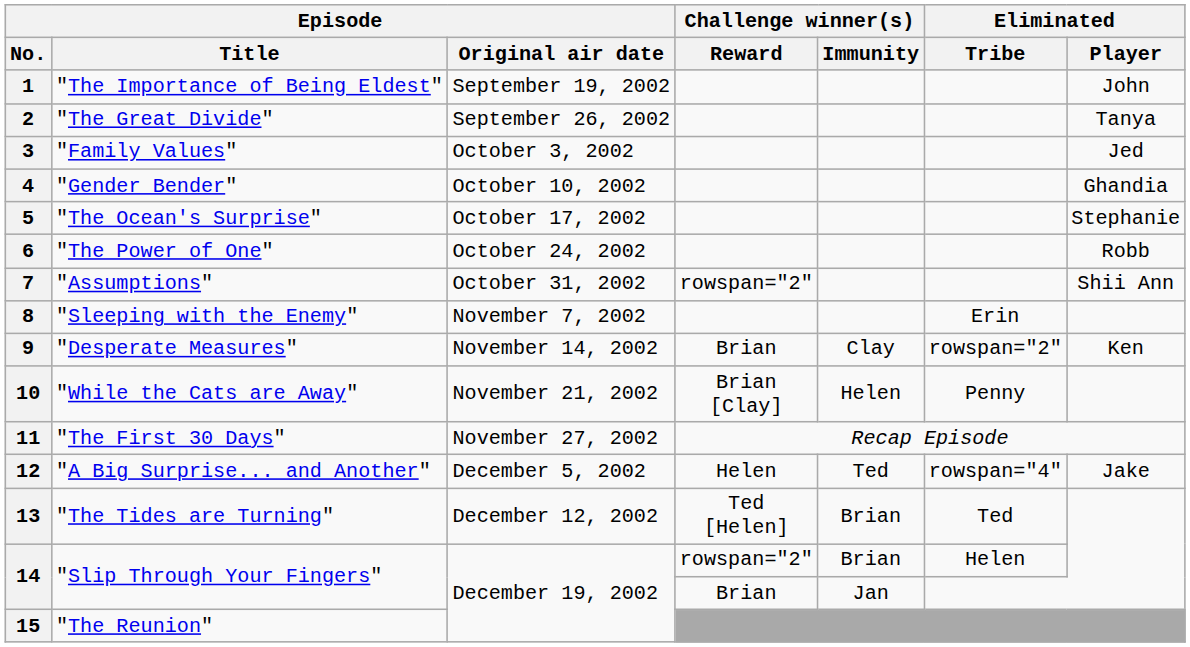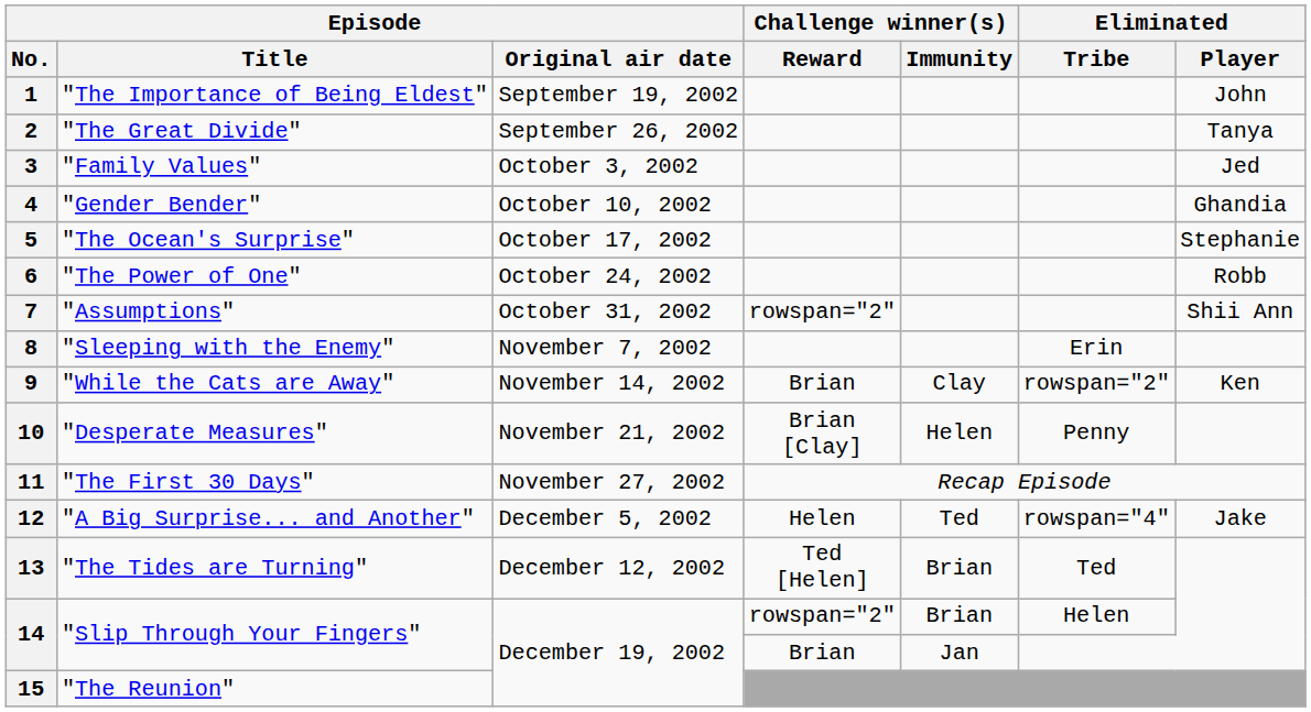 <table class="wikitable nowrap" style="margin:auto; text-align:center;">
 <tr>
 <th scope="colgroup" colspan="3">Episode</th>
 <th scope="colgroup" colspan="2">Challenge winner(s)</th>
 <th scope="colgroup" colspan="2">Eliminated</th>
 </tr>
 <tr>
 <th scope="col">No.</th>
 <th scope="col">Title</th>
 <th scope="col">Original air date</th>
 <th scope="col">Reward</th>
 <th scope="col">Immunity</th>
 <th scope="col">Tribe</th>
 <th scope="col">Player</th>
 </tr>
 <tr>
 <th>1</th>
 <td style="text-align:left;">"<a href='#'>The Importance of Being Eldest</a>"</td>
 <td style="text-align:left;">September 19, 2002</td>
 <td></td>
 <td></td>
 <td></td>
 <td>John</td>
 </tr>
 <tr>
 <th>2</th>
 <td style="text-align:left;">"<a href='#'>The Great Divide</a>"</td>
 <td style="text-align:left;">September 26, 2002</td>
 <td></td>
 <td></td>
 <td></td>
 <td>Tanya</td>
 </tr>
 <tr>
 <th>3</th>
 <td style="text-align:left;">"<a href='#'>Family Values</a>"</td>
 <td style="text-align:left;">October 3, 2002</td>
 <td></td>
 <td></td>
 <td></td>
 <td>Jed</td>
 </tr>
 <tr>
 <th>4</th>
 <td style="text-align:left;">"<a href='#'>Gender Bender</a>"</td>
 <td style="text-align:left;">October 10, 2002</td>
 <td></td>
 <td></td>
 <td></td>
 <td>Ghandia</td>
 </tr>
 <tr>
 <th>5</th>
 <td style="text-align:left;">"<a href='#'>The Ocean's Surprise</a>"</td>
 <td style="text-align:left;">October 17, 2002</td>
 <td></td>
 <td></td>
 <td></td>
 <td>Stephanie</td>
 </tr>
 <tr>
 <th>6</th>
 <td style="text-align:left;">"<a href='#'>The Power of One</a>"</td>
 <td style="text-align:left;">October 24, 2002</td>
 <td></td>
 <td></td>
 <td></td>
 <td>Robb</td>
 </tr>
 <tr>
 <th>7</th>
 <td style="text-align:left;">"<a href='#'>Assumptions</a>"</td>
 <td style="text-align:left;">October 31, 2002</td>
 <td>rowspan="2" </td>
 <td></td>
 <td></td>
 <td>Shii Ann</td>
 </tr>
 <tr>
 <th>8</th>
 <td style="text-align:left;">"<a href='#'>Sleeping with the Enemy</a>"</td>
 <td style="text-align:left;">November 7, 2002</td>
 <td></td>
 <td></td>
 <td>Erin</td>
 </tr>
 <tr>
 <th>9</th>
-<td style="text-align:left;">"<a href='#'>Desperate Measures</a>"</td>
+<td style="text-align:left;">"<a href='#'>While the Cats are Away</a>"</td>
 <td style="text-align:left;">November 14, 2002</td>
 <td>Brian</td>
 <td>Clay</td>
 <td>rowspan="2" </td>
 <td>Ken</td>
 </tr>
 <tr>
 <th>10</th>
-<td style="text-align:left;">"<a href='#'>While the Cats are Away</a>"</td>
+<td style="text-align:left;">"<a href='#'>Desperate Measures</a>"</td>
 <td style="text-align:left;">November 21, 2002</td>
 <td>Brian<br>[Clay]</td>
 <td>Helen</td>
 <td>Penny</td>
 </tr>
 <tr>
 <th>11</th>
 <td style="text-align:left;">"<a href='#'>The First 30 Days</a>"</td>
 <td style="text-align:left;">November 27, 2002</td>
 <td colspan="4"><em>Recap Episode</em></td>
 </tr>
 <tr>
 <th>12</th>
 <td style="text-align:left;">"<a href='#'>A Big Surprise... and Another</a>"</td>
 <td style="text-align:left;">December 5, 2002</td>
 <td>Helen</td>
 <td>Ted</td>
 <td>rowspan="4" </td>
 <td>Jake</td>
 </tr>
 <tr>
 <th>13</th>
 <td style="text-align:left;">"<a href='#'>The Tides are Turning</a>"</td>
 <td style="text-align:left;">December 12, 2002</td>
 <td>Ted<br>[Helen]</td>
 <td>Brian</td>
 <td>Ted</td>
 </tr>
 <tr>
 <th rowspan="2">14</th>
 <td rowspan="2" style="text-align:left;">"<a href='#'>Slip Through Your Fingers</a>"</td>
 <td rowspan="3" style="text-align:left;">December 19, 2002</td>
 <td>rowspan="2" </td>
 <td>Brian</td>
 <td>Helen</td>
 </tr>
 <tr>
 <td>Brian</td>
 <td>Jan</td>
 </tr>
 <tr>
 <th>15</th>
 <td style="text-align:left;">"<a href='#'>The Reunion</a>"</td>
 <td colspan="4" style="background-color:darkgrey;"></td>
 </tr>
 </table>
